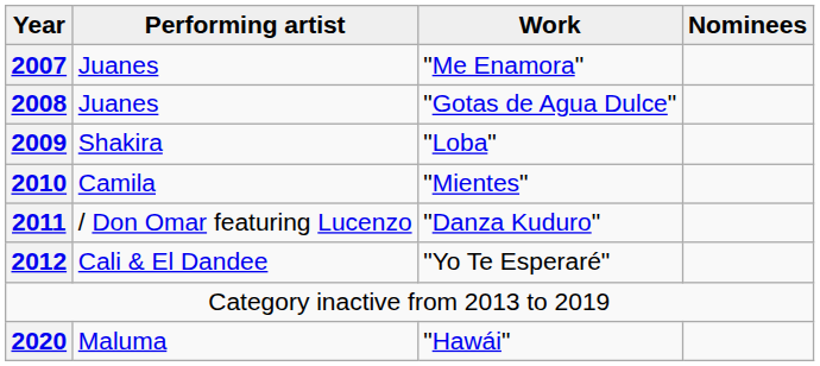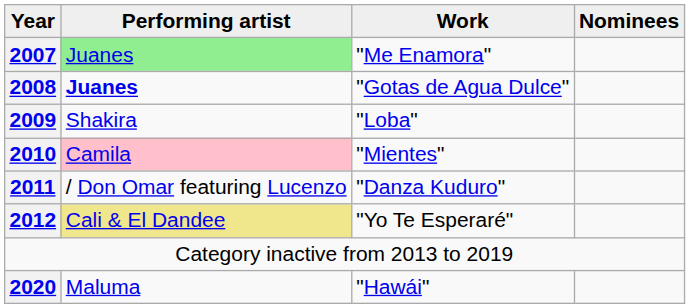 <table class="wikitable sortable">
 <tr>
 <th style="background:#efefef;">Year</th>
 <th style="background:#efefef;">Performing artist</th>
 <th style="background:#efefef;">Work</th>
 <th style="background:#efefef;" class="unsortable">Nominees</th>
 </tr>
 <tr>
 <th scope="row"><a href='#'>2007</a></th>
-<td> <a href='#'>Juanes</a></td>
+<td style="background: lightgreen;"> <a href='#'>Juanes</a></td>
 <td>"<a href='#'>Me Enamora</a>"</td>
 <td></td>
 </tr>
 <tr>
 <th scope="row"><a href='#'>2008</a></th>
-<td> <a href='#'>Juanes</a></td>
+<td><strong> <a href='#'>Juanes</a></strong></td>
 <td>"<a href='#'>Gotas de Agua Dulce</a>"</td>
 <td></td>
 </tr>
 <tr>
 <th scope="row"><a href='#'>2009</a></th>
 <td> <a href='#'>Shakira</a></td>
 <td>"<a href='#'>Loba</a>"</td>
 <td></td>
 </tr>
 <tr>
 <th scope="row"><a href='#'>2010</a></th>
-<td> <a href='#'>Camila</a></td>
+<td style="background: pink;"> <a href='#'>Camila</a></td>
 <td>"<a href='#'>Mientes</a>"</td>
 <td></td>
 </tr>
 <tr>
 <th scope="row"><a href='#'>2011</a></th>
 <td> /  <a href='#'>Don Omar</a> featuring <a href='#'>Lucenzo</a></td>
 <td>"<a href='#'>Danza Kuduro</a>"</td>
 <td></td>
 </tr>
 <tr>
 <th scope="row"><a href='#'>2012</a></th>
-<td> <a href='#'>Cali & El Dandee</a></td>
+<td style="background: khaki;"> <a href='#'>Cali & El Dandee</a></td>
 <td>"Yo Te Esperaré"</td>
 <td></td>
 </tr>
 <tr>
 <td colspan=4 align=center>Category inactive from 2013 to 2019</td>
 </tr>
 <tr>
 <th scope="row"><a href='#'>2020</a></th>
 <td> <a href='#'>Maluma</a></td>
 <td>"<a href='#'>Hawái</a>"</td>
 <td></td>
 </tr>
 </table>
